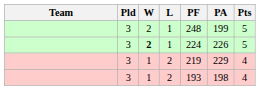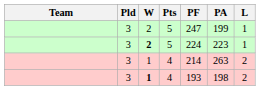 <table class="wikitable" style="text-align:center;">
 <tr>
 <th width=170>Team</th>
 <th width=25>Pld</th>
 <th width=25>W</th>
-<th width=25>L</th>
+<th width=25>Pts</th>
 <th width=35>PF</th>
 <th width=35>PA</th>
-<th width=25>Pts</th>
+<th width=25>L</th>
 </tr>
 <tr bgcolor=#ccffcc>
 <td align="left"></td>
 <td>3</td>
 <td>2</td>
+<td>5</td>
+<td>247</td>
+<td>199</td>
 <td>1</td>
-<td>248</td>
-<td>199</td>
-<td>5</td>
 </tr>
 <tr bgcolor=#ccffcc>
 <td align="left"></td>
 <td>3</td>
 <td><strong>2</strong></td>
+<td>5</td>
+<td>224</td>
+<td>223</td>
 <td>1</td>
-<td>224</td>
-<td>226</td>
-<td>5</td>
 </tr>
 <tr bgcolor=#ffcccc>
 <td align="left"></td>
 <td>3</td>
 <td>1</td>
+<td>4</td>
+<td>214</td>
+<td>263</td>
 <td>2</td>
-<td>219</td>
-<td>229</td>
-<td>4</td>
 </tr>
 <tr bgcolor=#ffcccc>
 <td align="left"></td>
 <td>3</td>
-<td>1</td>
-<td>2</td>
+<td><strong>1</strong></td>
+<td>4</td>
 <td>193</td>
 <td>198</td>
-<td>4</td>
+<td>2</td>
 </tr>
 </table>
